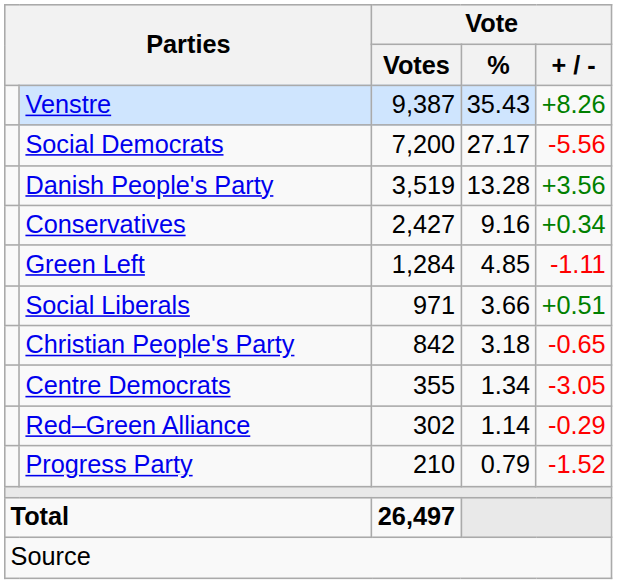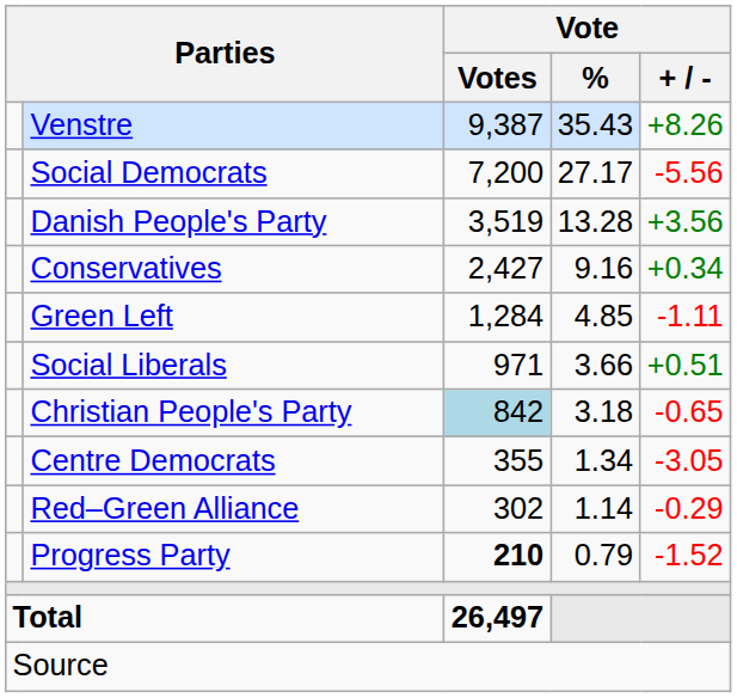 <table class="wikitable" style="text-align:right;">
 <tr>
 <th style="text-align:centre;" rowspan="2" colspan="2" width="225">Parties</th>
 <th colspan="3">Vote</th>
 </tr>
 <tr>
 <th width="15">Votes</th>
 <th width="15">%</th>
 <th width="15">+ / -</th>
 </tr>
 <tr>
 <td width="2" style="color:inherit;background:"></td>
 <td bgcolor=#cfe5fe  align="left"><a href='#'>Venstre</a></td>
 <td bgcolor=#cfe5fe>9,387</td>
 <td bgcolor=#cfe5fe>35.43</td>
 <td style=color:green;>+8.26</td>
 </tr>
 <tr>
 <td width="2" style="color:inherit;background:"></td>
 <td align="left"><a href='#'>Social Democrats</a></td>
 <td>7,200</td>
 <td>27.17</td>
 <td style=color:red;>-5.56</td>
 </tr>
 <tr>
 <td width="2" style="color:inherit;background:"></td>
 <td align="left"><a href='#'>Danish People's Party</a></td>
 <td>3,519</td>
 <td>13.28</td>
 <td style=color:green;>+3.56</td>
 </tr>
 <tr>
 <td width="2" style="color:inherit;background:"></td>
 <td align="left"><a href='#'>Conservatives</a></td>
 <td>2,427</td>
 <td>9.16</td>
 <td style=color:green;>+0.34</td>
 </tr>
 <tr>
 <td width="2" style="color:inherit;background:"></td>
 <td align="left"><a href='#'>Green Left</a></td>
 <td>1,284</td>
 <td>4.85</td>
 <td style=color:red;>-1.11</td>
 </tr>
 <tr>
 <td width="2" style="color:inherit;background:"></td>
 <td align="left"><a href='#'>Social Liberals</a></td>
 <td>971</td>
 <td>3.66</td>
 <td style=color:green;>+0.51</td>
 </tr>
 <tr>
 <td width="2" style="color:inherit;background:"></td>
 <td align="left"><a href='#'>Christian People's Party</a></td>
-<td>842</td>
+<td style="background: lightblue;">842</td>
 <td>3.18</td>
 <td style=color:red;>-0.65</td>
 </tr>
 <tr>
 <td width="2" style="color:inherit;background:"></td>
 <td align="left"><a href='#'>Centre Democrats</a></td>
 <td>355</td>
 <td>1.34</td>
 <td style=color:red;>-3.05</td>
 </tr>
 <tr>
 <td width="2" style="color:inherit;background:"></td>
 <td align="left"><a href='#'>Red–Green Alliance</a></td>
 <td>302</td>
 <td>1.14</td>
 <td style=color:red;>-0.29</td>
 </tr>
 <tr>
 <td width="2" style="color:inherit;background:"></td>
 <td align="left"><a href='#'>Progress Party</a></td>
-<td>210</td>
+<td><strong>210</strong></td>
 <td>0.79</td>
 <td style=color:red;>-1.52</td>
 </tr>
 <tr>
 <td colspan="7" bgcolor="#E9E9E9"></td>
 </tr>
 <tr>
 <td align="left" colspan="2"><strong>Total</strong></td>
 <td><strong>26,497</strong></td>
 <td bgcolor="#E9E9E9" colspan="2"></td>
 </tr>
 <tr>
 <td align="left" colspan="6">Source</td>
 </tr>
 </table>
